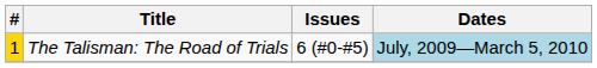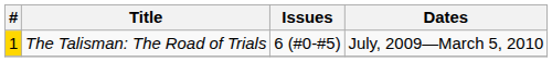 <table class="wikitable">
 <tr>
 <th>#</th>
 <th>Title</th>
 <th>Issues</th>
 <th>Dates</th>
 </tr>
 <tr>
 <td style="background: gold;">1</td>
 <td><em>The Talisman: The Road of Trials</em></td>
 <td>6 (#0-#5)</td>
-<td style="background: lightblue;">July, 2009—March 5, 2010</td>
+<td>July, 2009—March 5, 2010</td>
 </tr>
 <tr>
 </tr>
 </table>
